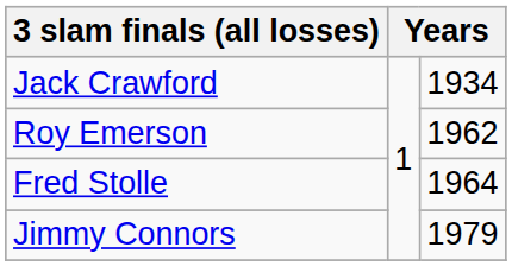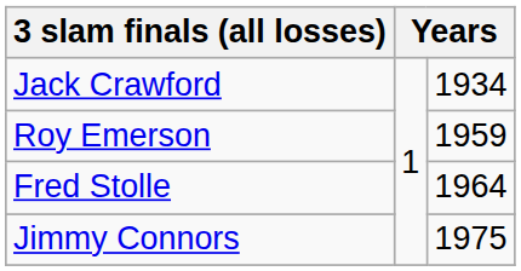 <table class=wikitable style="display:inline-table;">
 <tr>
 <th>3 slam finals (all losses)</th>
 <th colspan=2>Years</th>
 </tr>
 <tr>
 <td> <a href='#'>Jack Crawford</a></td>
 <td rowspan=4>1</td>
 <td>1934</td>
 </tr>
 <tr>
 <td> <a href='#'>Roy Emerson</a></td>
-<td>1962</td>
+<td>1959</td>
 </tr>
 <tr>
 <td> <a href='#'>Fred Stolle</a></td>
 <td>1964</td>
 </tr>
 <tr>
 <td> <a href='#'>Jimmy Connors</a></td>
-<td>1979</td>
+<td>1975</td>
 </tr>
 </table>
